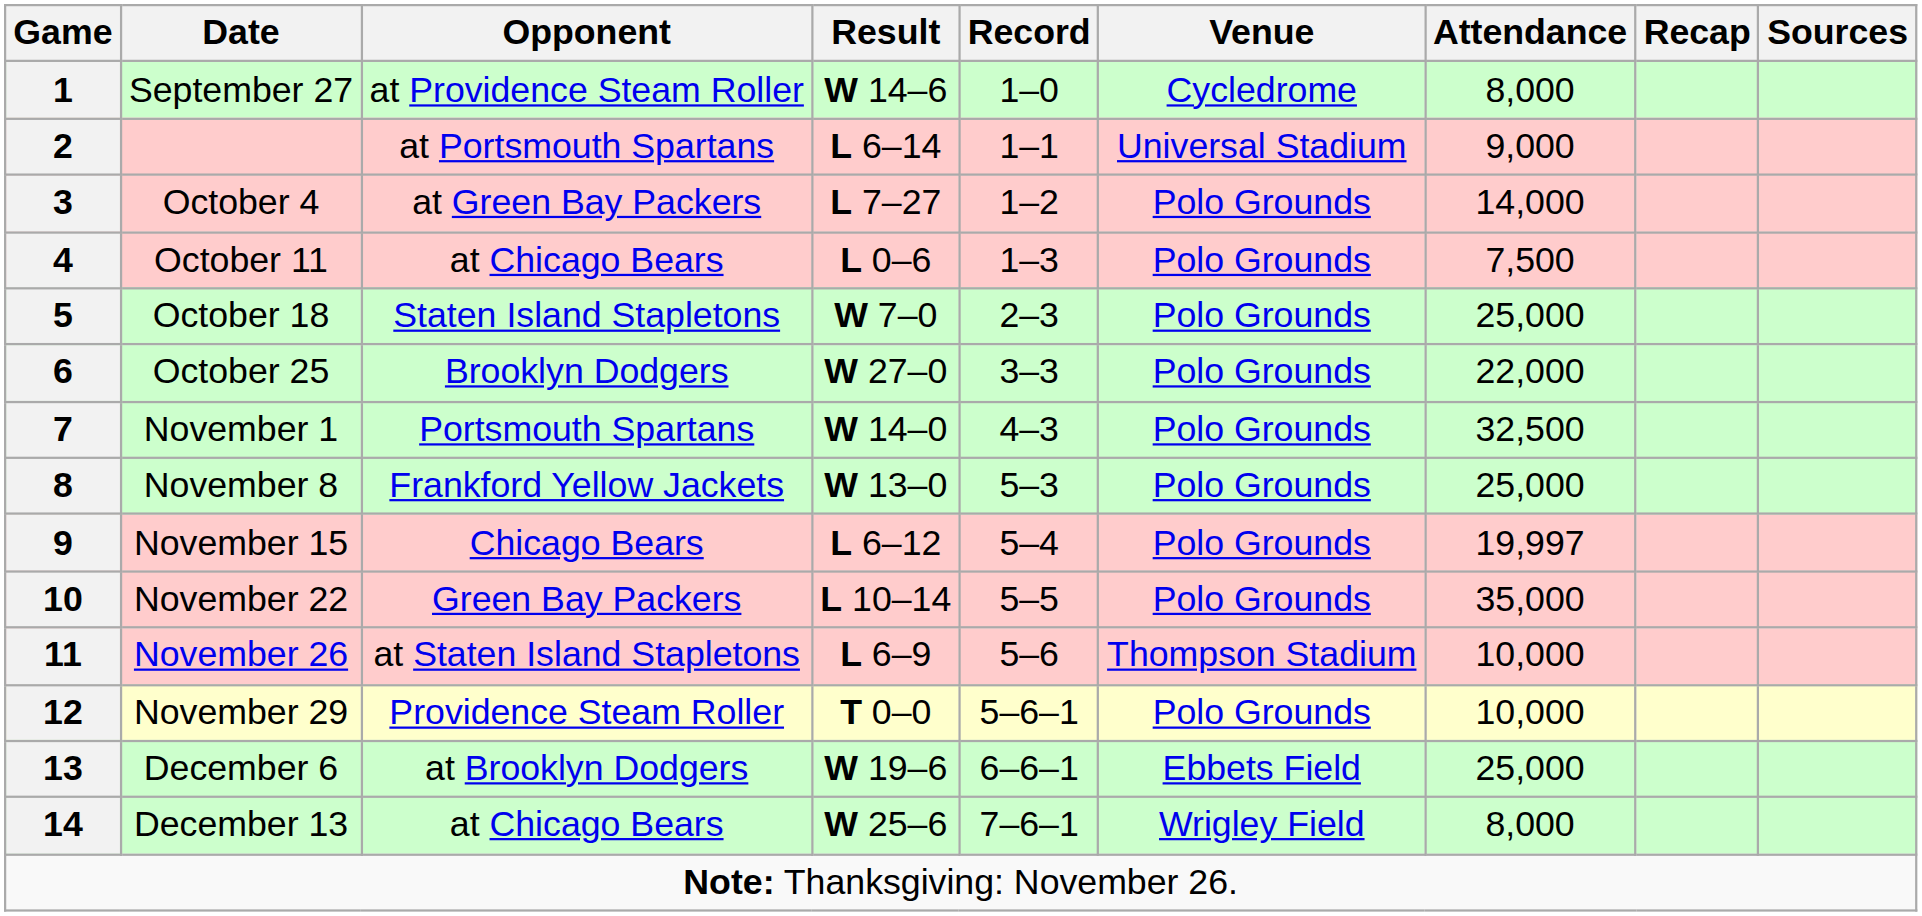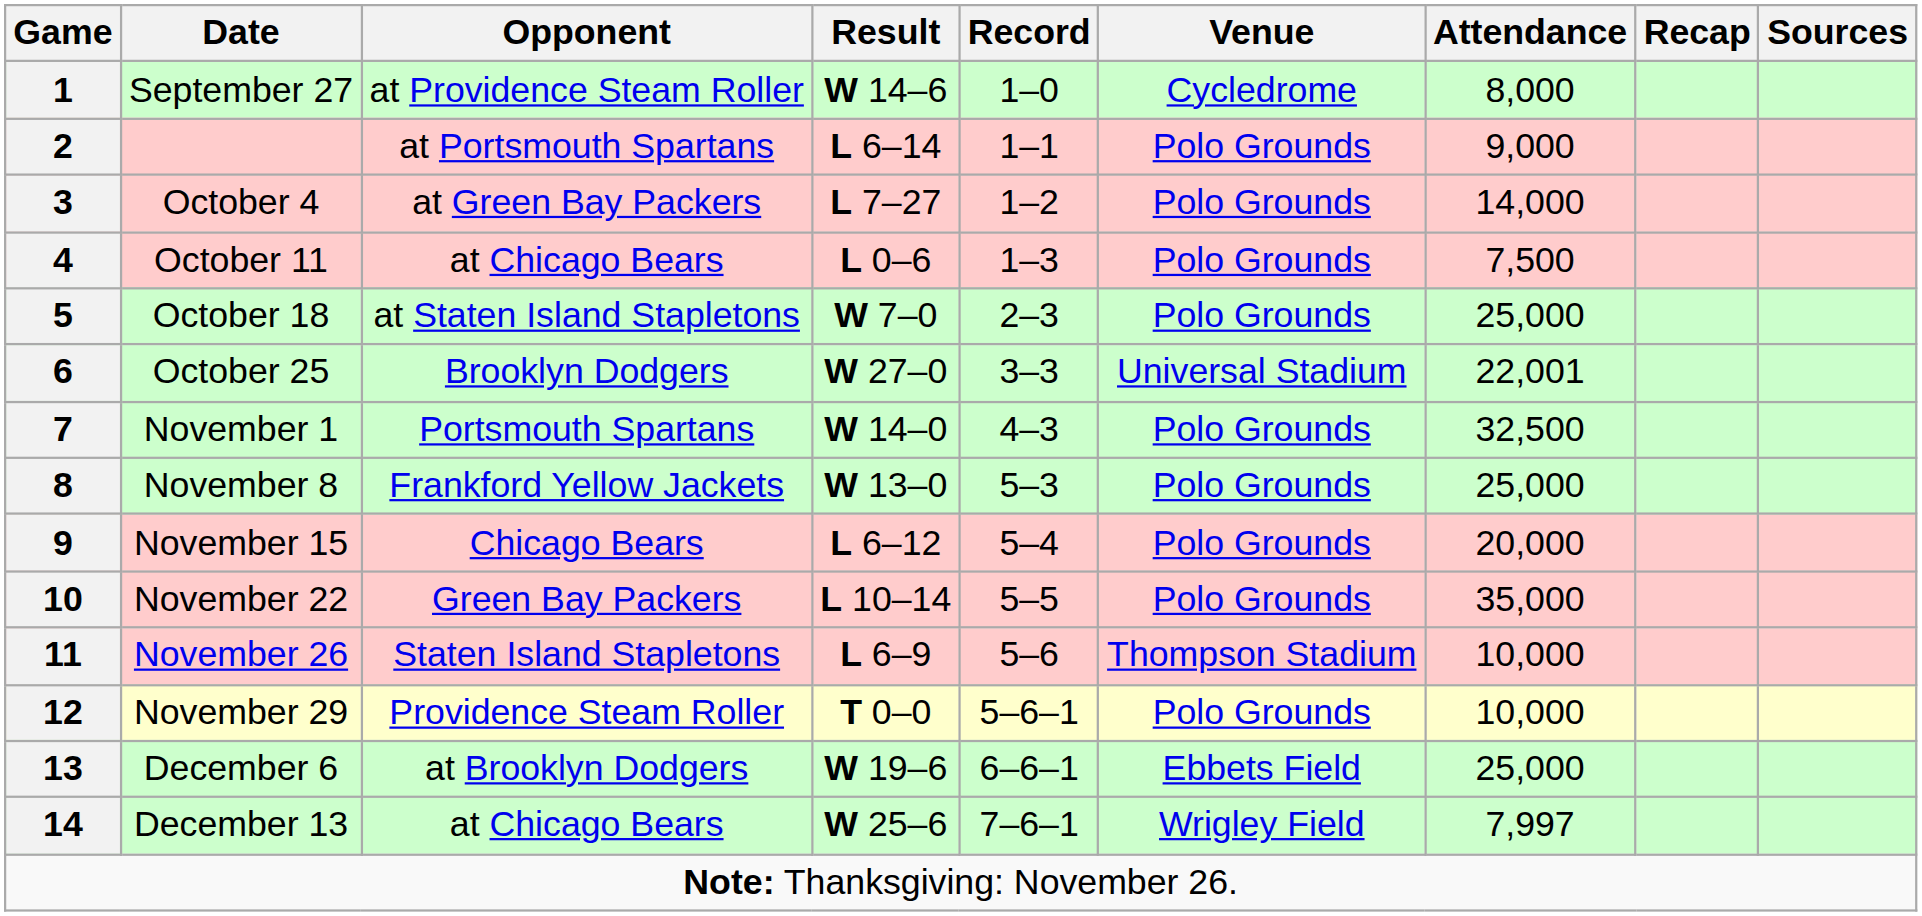 <table class="wikitable" style="text-align:center">
 <tr>
 <th>Game</th>
 <th>Date</th>
 <th>Opponent</th>
 <th>Result</th>
 <th>Record</th>
 <th>Venue</th>
 <th>Attendance</th>
 <th>Recap</th>
 <th>Sources</th>
 </tr>
 <tr style="background:#cfc">
 <th>1</th>
 <td>September 27</td>
 <td>at <a href='#'>Providence Steam Roller</a></td>
 <td><strong>W</strong> 14–6</td>
 <td>1–0</td>
 <td><a href='#'>Cycledrome</a></td>
 <td>8,000</td>
 <td></td>
 <td></td>
 </tr>
 <tr style="background:#fcc">
 <th>2</th>
 <td></td>
 <td>at <a href='#'>Portsmouth Spartans</a></td>
 <td><strong>L</strong> 6–14</td>
 <td>1–1</td>
-<td><a href='#'>Universal Stadium</a></td>
+<td><a href='#'>Polo Grounds</a></td>
 <td>9,000</td>
 <td></td>
 <td></td>
 </tr>
 <tr style="background:#fcc">
 <th>3</th>
 <td>October 4</td>
 <td>at <a href='#'>Green Bay Packers</a></td>
 <td><strong>L</strong> 7–27</td>
 <td>1–2</td>
 <td><a href='#'>Polo Grounds</a></td>
 <td>14,000</td>
 <td></td>
 <td></td>
 </tr>
 <tr style="background:#fcc">
 <th>4</th>
 <td>October 11</td>
 <td>at <a href='#'>Chicago Bears</a></td>
 <td><strong>L</strong> 0–6</td>
 <td>1–3</td>
 <td><a href='#'>Polo Grounds</a></td>
 <td>7,500</td>
 <td></td>
 <td></td>
 </tr>
 <tr style="background:#cfc">
 <th>5</th>
 <td>October 18</td>
-<td><a href='#'>Staten Island Stapletons</a></td>
+<td>at <a href='#'>Staten Island Stapletons</a></td>
 <td><strong>W</strong> 7–0</td>
 <td>2–3</td>
 <td><a href='#'>Polo Grounds</a></td>
 <td>25,000</td>
 <td></td>
 <td></td>
 </tr>
 <tr style="background:#cfc">
 <th>6</th>
 <td>October 25</td>
 <td><a href='#'>Brooklyn Dodgers</a></td>
 <td><strong>W</strong> 27–0</td>
 <td>3–3</td>
-<td><a href='#'>Polo Grounds</a></td>
-<td>22,000</td>
+<td><a href='#'>Universal Stadium</a></td>
+<td>22,001</td>
 <td></td>
 <td></td>
 </tr>
 <tr style="background:#cfc">
 <th>7</th>
 <td>November 1</td>
 <td><a href='#'>Portsmouth Spartans</a></td>
 <td><strong>W</strong> 14–0</td>
 <td>4–3</td>
 <td><a href='#'>Polo Grounds</a></td>
 <td>32,500</td>
 <td></td>
 <td></td>
 </tr>
 <tr style="background:#cfc">
 <th>8</th>
 <td>November 8</td>
 <td><a href='#'>Frankford Yellow Jackets</a></td>
 <td><strong>W</strong> 13–0</td>
 <td>5–3</td>
 <td><a href='#'>Polo Grounds</a></td>
 <td>25,000</td>
 <td></td>
 <td></td>
 </tr>
 <tr style="background:#fcc">
 <th>9</th>
 <td>November 15</td>
 <td><a href='#'>Chicago Bears</a></td>
 <td><strong>L</strong> 6–12</td>
 <td>5–4</td>
 <td><a href='#'>Polo Grounds</a></td>
-<td>19,997</td>
+<td>20,000</td>
 <td></td>
 <td></td>
 </tr>
 <tr style="background:#fcc">
 <th>10</th>
 <td>November 22</td>
 <td><a href='#'>Green Bay Packers</a></td>
 <td><strong>L</strong> 10–14</td>
 <td>5–5</td>
 <td><a href='#'>Polo Grounds</a></td>
 <td>35,000</td>
 <td></td>
 <td></td>
 </tr>
 <tr style="background:#fcc">
 <th>11</th>
 <td><a href='#'>November 26</a></td>
-<td>at <a href='#'>Staten Island Stapletons</a></td>
+<td><a href='#'>Staten Island Stapletons</a></td>
 <td><strong>L</strong> 6–9</td>
 <td>5–6</td>
 <td><a href='#'>Thompson Stadium</a></td>
 <td>10,000</td>
 <td></td>
 <td></td>
 </tr>
 <tr style="background:#ffc">
 <th>12</th>
 <td>November 29</td>
 <td><a href='#'>Providence Steam Roller</a></td>
 <td><strong>T</strong> 0–0</td>
 <td>5–6–1</td>
 <td><a href='#'>Polo Grounds</a></td>
 <td>10,000</td>
 <td></td>
 <td></td>
 </tr>
 <tr style="background:#cfc">
 <th>13</th>
 <td>December 6</td>
 <td>at <a href='#'>Brooklyn Dodgers</a></td>
 <td><strong>W</strong> 19–6</td>
 <td>6–6–1</td>
 <td><a href='#'>Ebbets Field</a></td>
 <td>25,000</td>
 <td></td>
 <td></td>
 </tr>
 <tr style="background:#cfc">
 <th>14</th>
 <td>December 13</td>
 <td>at <a href='#'>Chicago Bears</a></td>
 <td><strong>W</strong> 25–6</td>
 <td>7–6–1</td>
 <td><a href='#'>Wrigley Field</a></td>
-<td>8,000</td>
+<td>7,997</td>
 <td></td>
 <td></td>
 </tr>
 <tr>
 <td colspan="10"><strong>Note:</strong> Thanksgiving: November 26.</td>
 </tr>
 </table>
